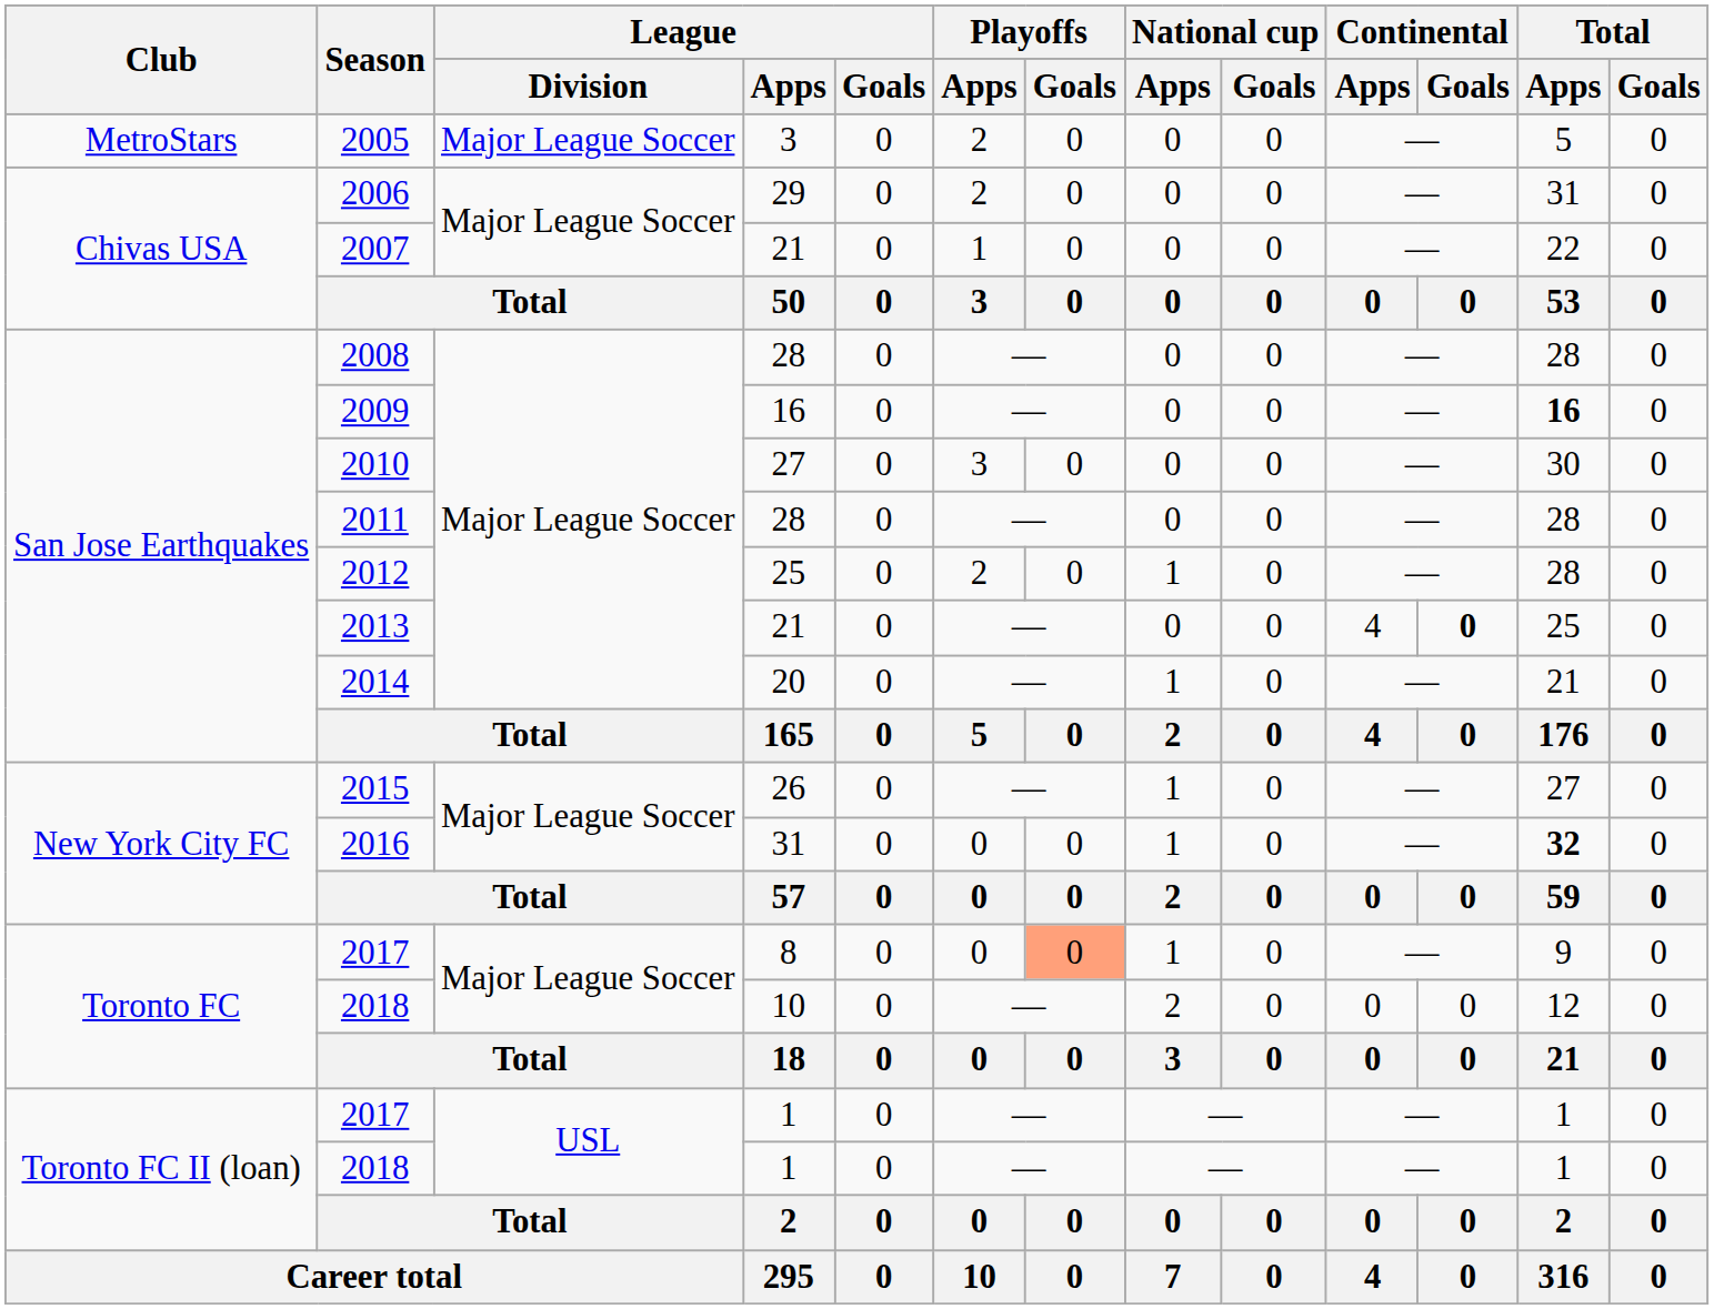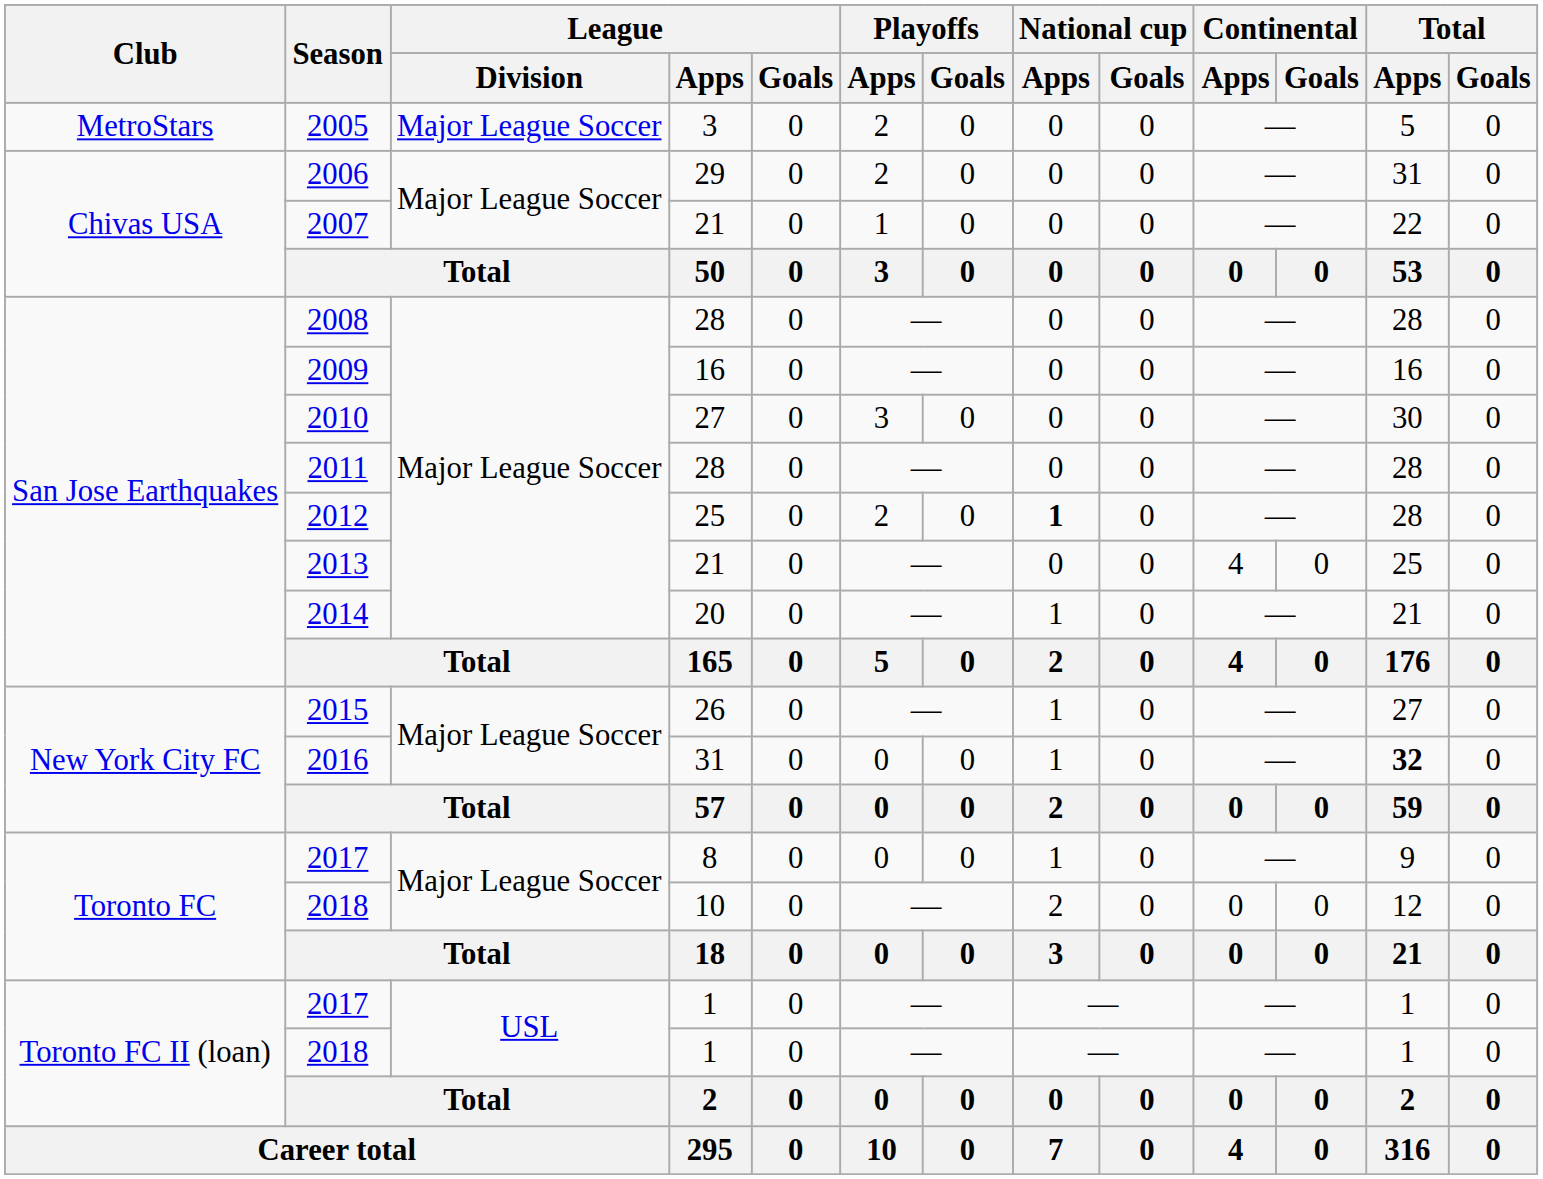 <table class="wikitable" style="text-align:center">
 <tr>
 <th rowspan="2">Club</th>
 <th rowspan="2">Season</th>
 <th colspan="3">League</th>
 <th colspan="2">Playoffs</th>
 <th colspan="2">National cup</th>
 <th colspan="2">Continental</th>
 <th colspan="2">Total</th>
 </tr>
 <tr>
 <th>Division</th>
 <th>Apps</th>
 <th>Goals</th>
 <th>Apps</th>
 <th>Goals</th>
 <th>Apps</th>
 <th>Goals</th>
 <th>Apps</th>
 <th>Goals</th>
 <th>Apps</th>
 <th>Goals</th>
 </tr>
 <tr>
 <td><a href='#'>MetroStars</a></td>
 <td><a href='#'>2005</a></td>
 <td><a href='#'>Major League Soccer</a></td>
 <td>3</td>
 <td>0</td>
 <td>2</td>
 <td>0</td>
 <td>0</td>
 <td>0</td>
 <td colspan="2">—</td>
 <td>5</td>
 <td>0</td>
 </tr>
 <tr>
 <td rowspan="3"><a href='#'>Chivas USA</a></td>
 <td><a href='#'>2006</a></td>
 <td rowspan="2">Major League Soccer</td>
 <td>29</td>
 <td>0</td>
 <td>2</td>
 <td>0</td>
 <td>0</td>
 <td>0</td>
 <td colspan="2">—</td>
 <td>31</td>
 <td>0</td>
 </tr>
 <tr>
 <td><a href='#'>2007</a></td>
 <td>21</td>
 <td>0</td>
 <td>1</td>
 <td>0</td>
 <td>0</td>
 <td>0</td>
 <td colspan="2">—</td>
 <td>22</td>
 <td>0</td>
 </tr>
 <tr>
 <th colspan="2">Total</th>
 <th>50</th>
 <th>0</th>
 <th>3</th>
 <th>0</th>
 <th>0</th>
 <th>0</th>
 <th>0</th>
 <th>0</th>
 <th>53</th>
 <th>0</th>
 </tr>
 <tr>
 <td rowspan="8"><a href='#'>San Jose Earthquakes</a></td>
 <td><a href='#'>2008</a></td>
 <td rowspan="7">Major League Soccer</td>
 <td>28</td>
 <td>0</td>
 <td colspan="2">—</td>
 <td>0</td>
 <td>0</td>
 <td colspan="2">—</td>
 <td>28</td>
 <td>0</td>
 </tr>
 <tr>
 <td><a href='#'>2009</a></td>
 <td>16</td>
 <td>0</td>
 <td colspan="2">—</td>
 <td>0</td>
 <td>0</td>
 <td colspan="2">—</td>
-<td><strong>16</strong></td>
+<td>16</td>
 <td>0</td>
 </tr>
 <tr>
 <td><a href='#'>2010</a></td>
 <td>27</td>
 <td>0</td>
 <td>3</td>
 <td>0</td>
 <td>0</td>
 <td>0</td>
 <td colspan="2">—</td>
 <td>30</td>
 <td>0</td>
 </tr>
 <tr>
 <td><a href='#'>2011</a></td>
 <td>28</td>
 <td>0</td>
 <td colspan="2">—</td>
 <td>0</td>
 <td>0</td>
 <td colspan="2">—</td>
 <td>28</td>
 <td>0</td>
 </tr>
 <tr>
 <td><a href='#'>2012</a></td>
 <td>25</td>
 <td>0</td>
 <td>2</td>
 <td>0</td>
-<td>1</td>
+<td><strong>1</strong></td>
 <td>0</td>
 <td colspan="2">—</td>
 <td>28</td>
 <td>0</td>
 </tr>
 <tr>
 <td><a href='#'>2013</a></td>
 <td>21</td>
 <td>0</td>
 <td colspan="2">—</td>
 <td>0</td>
 <td>0</td>
 <td>4</td>
-<td><strong>0</strong></td>
+<td>0</td>
 <td>25</td>
 <td>0</td>
 </tr>
 <tr>
 <td><a href='#'>2014</a></td>
 <td>20</td>
 <td>0</td>
 <td colspan="2">—</td>
 <td>1</td>
 <td>0</td>
 <td colspan="2">—</td>
 <td>21</td>
 <td>0</td>
 </tr>
 <tr>
 <th colspan="2">Total</th>
 <th>165</th>
 <th>0</th>
 <th>5</th>
 <th>0</th>
 <th>2</th>
 <th>0</th>
 <th>4</th>
 <th>0</th>
 <th>176</th>
 <th>0</th>
 </tr>
 <tr>
 <td rowspan="3"><a href='#'>New York City FC</a></td>
 <td><a href='#'>2015</a></td>
 <td rowspan="2">Major League Soccer</td>
 <td>26</td>
 <td>0</td>
 <td colspan="2">—</td>
 <td>1</td>
 <td>0</td>
 <td colspan="2">—</td>
 <td>27</td>
 <td>0</td>
 </tr>
 <tr>
 <td><a href='#'>2016</a></td>
 <td>31</td>
 <td>0</td>
 <td>0</td>
 <td>0</td>
 <td>1</td>
 <td>0</td>
 <td colspan="2">—</td>
 <td><strong>32</strong></td>
 <td>0</td>
 </tr>
 <tr>
 <th colspan="2">Total</th>
 <th>57</th>
 <th>0</th>
 <th>0</th>
 <th>0</th>
 <th>2</th>
 <th>0</th>
 <th>0</th>
 <th>0</th>
 <th>59</th>
 <th>0</th>
 </tr>
 <tr>
 <td rowspan="3"><a href='#'>Toronto FC</a></td>
 <td><a href='#'>2017</a></td>
 <td rowspan="2">Major League Soccer</td>
 <td>8</td>
 <td>0</td>
 <td>0</td>
-<td style="background: lightsalmon;">0</td>
+<td>0</td>
 <td>1</td>
 <td>0</td>
 <td colspan="2">—</td>
 <td>9</td>
 <td>0</td>
 </tr>
 <tr>
 <td><a href='#'>2018</a></td>
 <td>10</td>
 <td>0</td>
 <td colspan="2">—</td>
 <td>2</td>
 <td>0</td>
 <td>0</td>
 <td>0</td>
 <td>12</td>
 <td>0</td>
 </tr>
 <tr>
 <th colspan="2">Total</th>
 <th>18</th>
 <th>0</th>
 <th>0</th>
 <th>0</th>
 <th>3</th>
 <th>0</th>
 <th>0</th>
 <th>0</th>
 <th>21</th>
 <th>0</th>
 </tr>
 <tr>
 <td rowspan="3"><a href='#'>Toronto FC II</a> (loan)</td>
 <td><a href='#'>2017</a></td>
 <td rowspan="2"><a href='#'>USL</a></td>
 <td>1</td>
 <td>0</td>
 <td colspan="2">—</td>
 <td colspan="2">—</td>
 <td colspan="2">—</td>
 <td>1</td>
 <td>0</td>
 </tr>
 <tr>
 <td><a href='#'>2018</a></td>
 <td>1</td>
 <td>0</td>
 <td colspan="2">—</td>
 <td colspan="2">—</td>
 <td colspan="2">—</td>
 <td>1</td>
 <td>0</td>
 </tr>
 <tr>
 <th colspan="2">Total</th>
 <th>2</th>
 <th>0</th>
 <th>0</th>
 <th>0</th>
 <th>0</th>
 <th>0</th>
 <th>0</th>
 <th>0</th>
 <th>2</th>
 <th>0</th>
 </tr>
 <tr>
 <th colspan="3">Career total</th>
 <th>295</th>
 <th>0</th>
 <th>10</th>
 <th>0</th>
 <th>7</th>
 <th>0</th>
 <th>4</th>
 <th>0</th>
 <th>316</th>
 <th>0</th>
 </tr>
 </table>
